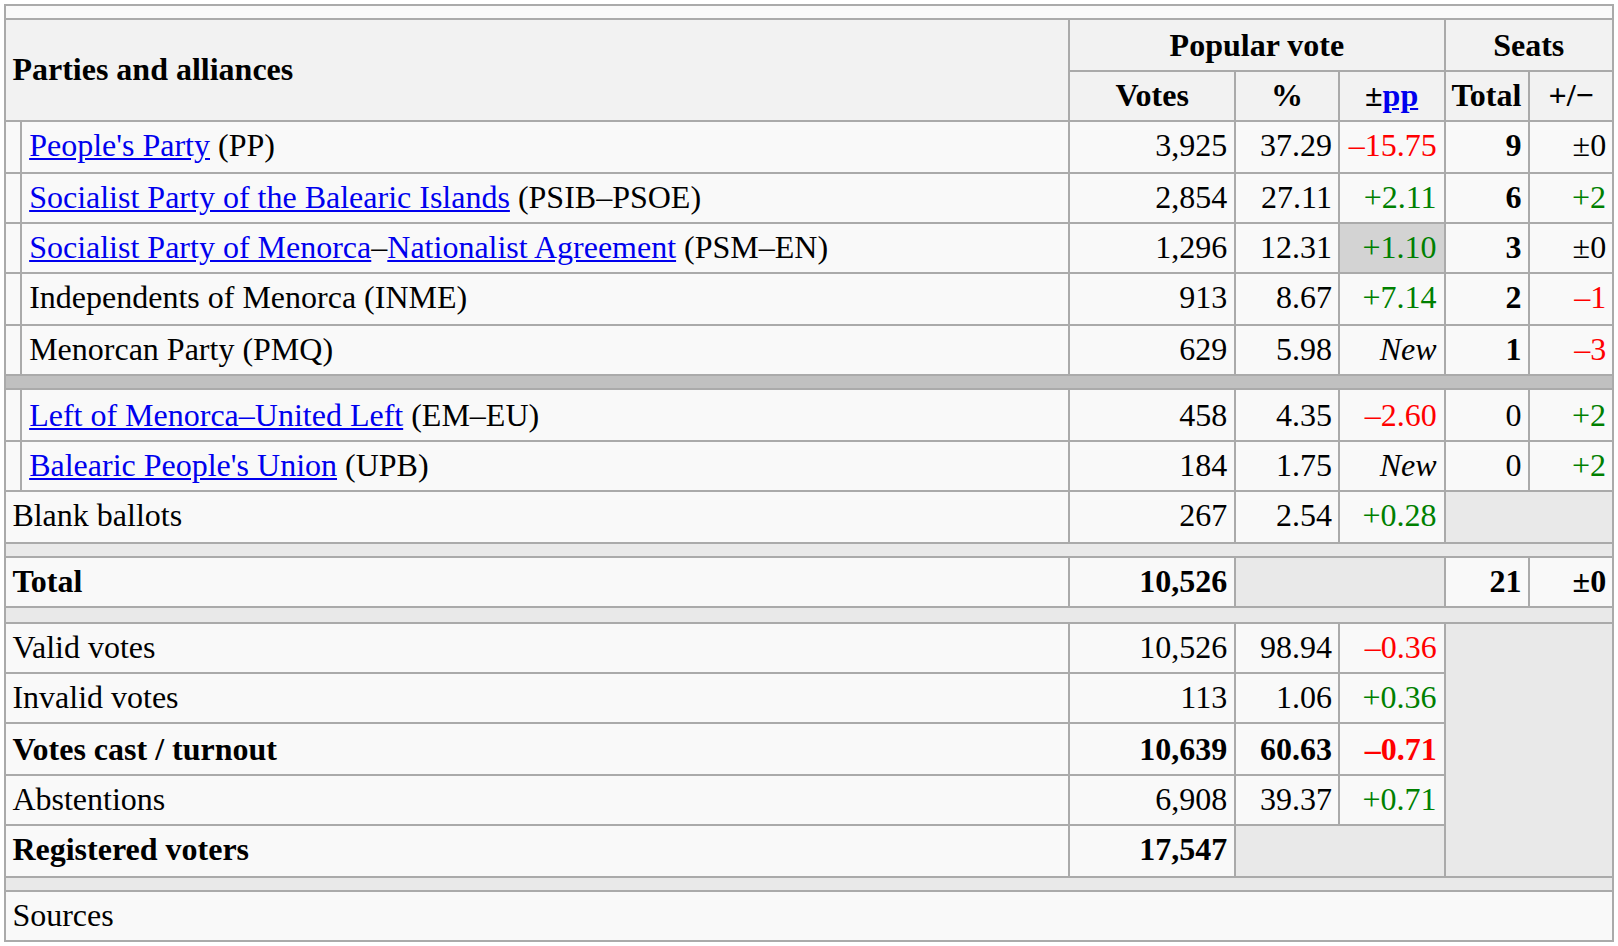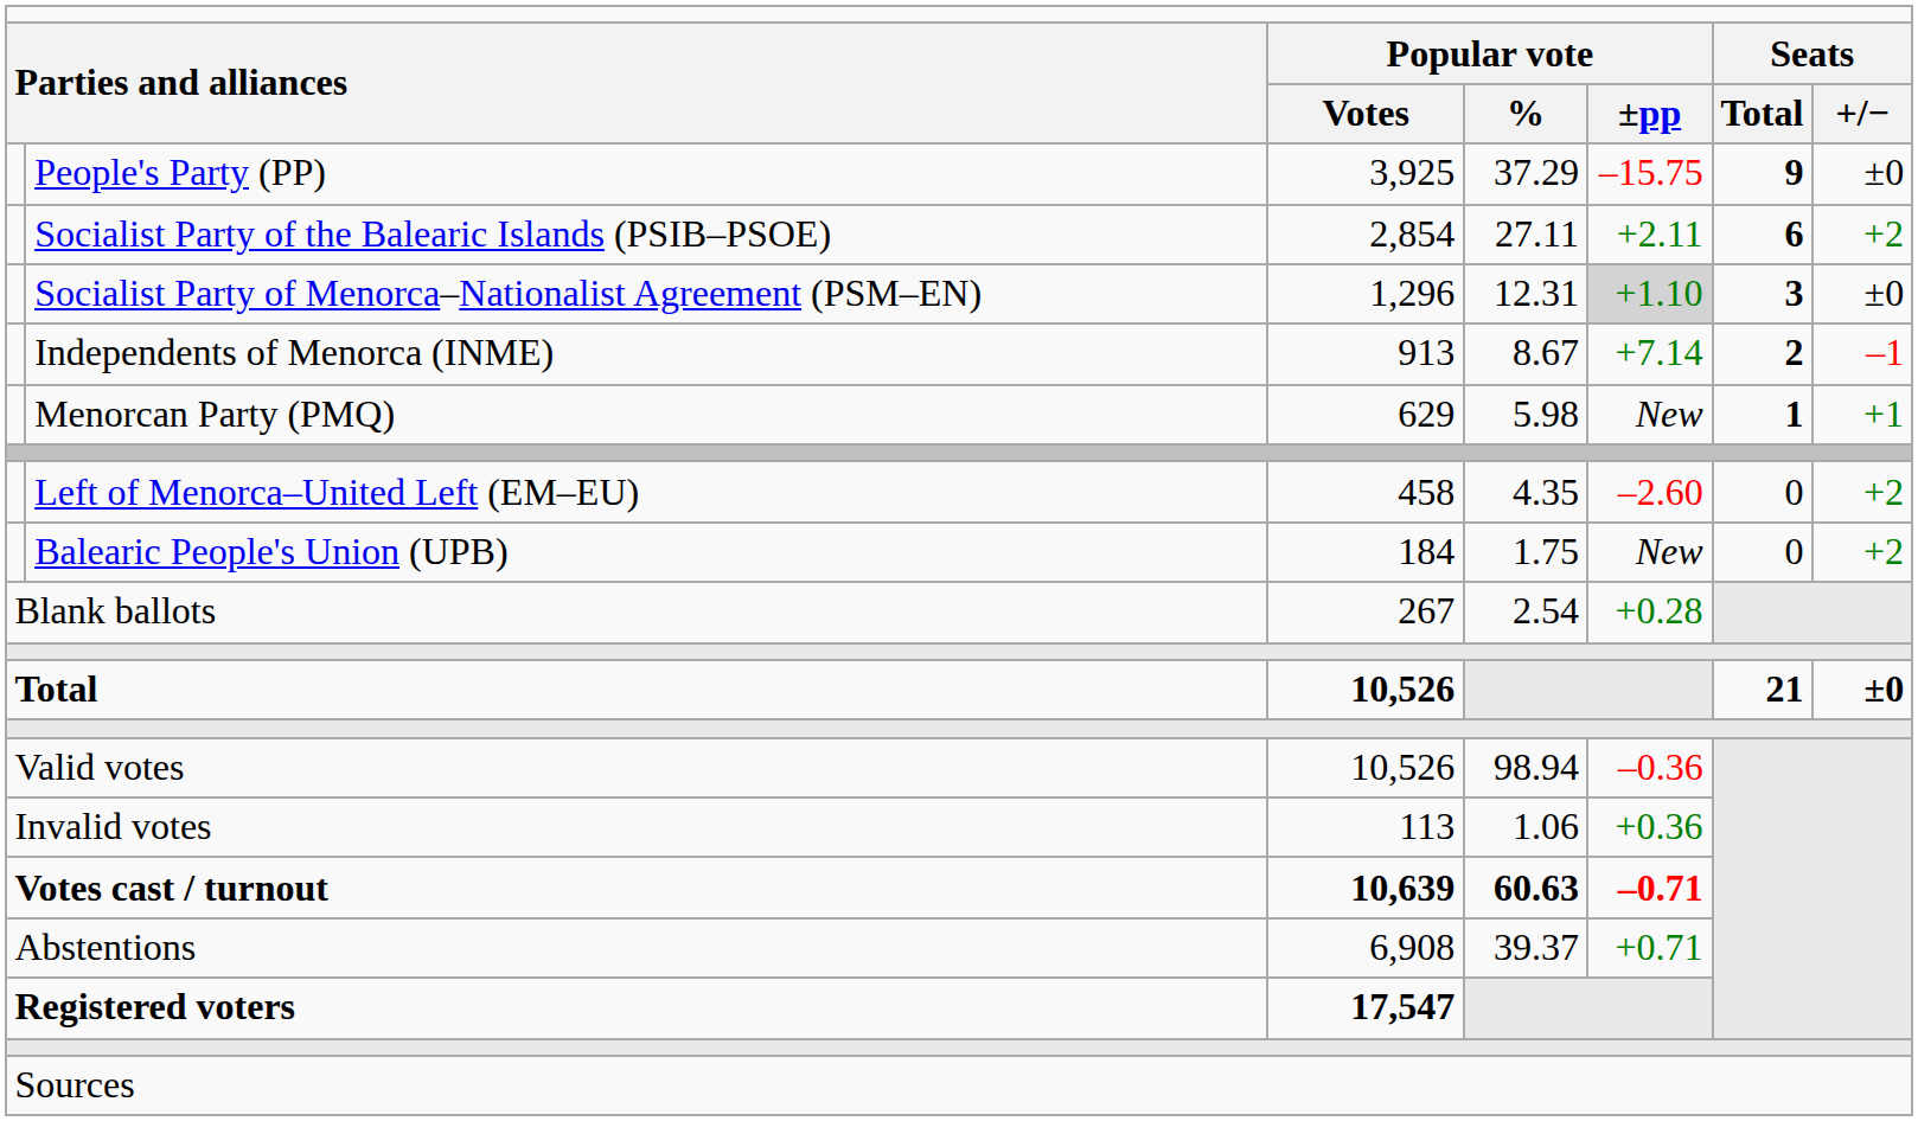 <table class="wikitable" style="text-align:right;">
 <tr>
 <td colspan="7"></td>
 </tr>
 <tr>
 <th style="text-align:left;" rowspan="2" colspan="2" width="525">Parties and alliances</th>
 <th colspan="3">Popular vote</th>
 <th colspan="2">Seats</th>
 </tr>
 <tr>
 <th width="75">Votes</th>
 <th width="45">%</th>
 <th width="45">±<a href='#'>pp</a></th>
 <th width="35">Total</th>
 <th width="35">+/−</th>
 </tr>
 <tr>
 <td width="1" style="color:inherit;background:"></td>
 <td align="left"><a href='#'>People's Party</a> (PP)</td>
 <td>3,925</td>
 <td>37.29</td>
 <td style="color:red;">–15.75</td>
 <td><strong>9</strong></td>
 <td>±0</td>
 </tr>
 <tr>
 <td style="color:inherit;background:"></td>
 <td align="left"><a href='#'>Socialist Party of the Balearic Islands</a> (PSIB–PSOE)</td>
 <td>2,854</td>
 <td>27.11</td>
 <td style="color:green;">+2.11</td>
 <td><strong>6</strong></td>
 <td style="color:green;">+2</td>
 </tr>
 <tr>
 <td style="color:inherit;background:"></td>
 <td align="left"><a href='#'>Socialist Party of Menorca</a>–<a href='#'>Nationalist Agreement</a> (PSM–EN)</td>
 <td>1,296</td>
 <td>12.31</td>
 <td style="background: lightgrey; color:green;">+1.10</td>
 <td><strong>3</strong></td>
 <td>±0</td>
 </tr>
 <tr>
 <td style="color:inherit;background:"></td>
 <td align="left">Independents of Menorca (INME)</td>
 <td>913</td>
 <td>8.67</td>
 <td style="color:green;">+7.14</td>
 <td><strong>2</strong></td>
 <td style="color:red;">–1</td>
 </tr>
 <tr>
 <td style="color:inherit;background:"></td>
 <td align="left">Menorcan Party (PMQ)</td>
 <td>629</td>
 <td>5.98</td>
 <td><em>New</em></td>
 <td><strong>1</strong></td>
-<td style="color:red;">–3</td>
+<td style="color:green;">+1</td>
 </tr>
 <tr>
 <td colspan="7" bgcolor="#C0C0C0"></td>
 </tr>
 <tr>
 <td style="color:inherit;background:"></td>
 <td align="left"><a href='#'>Left of Menorca–United Left</a> (EM–EU)</td>
 <td>458</td>
 <td>4.35</td>
 <td style="color:red;">–2.60</td>
 <td>0</td>
 <td style="color:green;">+2</td>
 </tr>
 <tr>
 <td style="color:inherit;background:"></td>
 <td align="left"><a href='#'>Balearic People's Union</a> (UPB)</td>
 <td>184</td>
 <td>1.75</td>
 <td><em>New</em></td>
 <td>0</td>
 <td style="color:green;">+2</td>
 </tr>
 <tr>
 <td align="left" colspan="2">Blank ballots</td>
 <td>267</td>
 <td>2.54</td>
 <td style="color:green;">+0.28</td>
 <td bgcolor="#E9E9E9" colspan="2"></td>
 </tr>
 <tr>
 <td colspan="7" bgcolor="#E9E9E9"></td>
 </tr>
 <tr style="font-weight:bold;">
 <td align="left" colspan="2">Total</td>
 <td>10,526</td>
 <td bgcolor="#E9E9E9" colspan="2"></td>
 <td>21</td>
 <td>±0</td>
 </tr>
 <tr>
 <td colspan="7" bgcolor="#E9E9E9"></td>
 </tr>
 <tr>
 <td align="left" colspan="2">Valid votes</td>
 <td>10,526</td>
 <td>98.94</td>
 <td style="color:red;">–0.36</td>
 <td bgcolor="#E9E9E9" colspan="2" rowspan="5"></td>
 </tr>
 <tr>
 <td align="left" colspan="2">Invalid votes</td>
 <td>113</td>
 <td>1.06</td>
 <td style="color:green;">+0.36</td>
 </tr>
 <tr style="font-weight:bold;">
 <td align="left" colspan="2">Votes cast / turnout</td>
 <td>10,639</td>
 <td>60.63</td>
 <td style="color:red;">–0.71</td>
 </tr>
 <tr>
 <td align="left" colspan="2">Abstentions</td>
 <td>6,908</td>
 <td>39.37</td>
 <td style="color:green;">+0.71</td>
 </tr>
 <tr style="font-weight:bold;">
 <td align="left" colspan="2">Registered voters</td>
 <td>17,547</td>
 <td bgcolor="#E9E9E9" colspan="2"></td>
 </tr>
 <tr>
 <td colspan="7" bgcolor="#E9E9E9"></td>
 </tr>
 <tr>
 <td align="left" colspan="7">Sources</td>
 </tr>
 </table>
